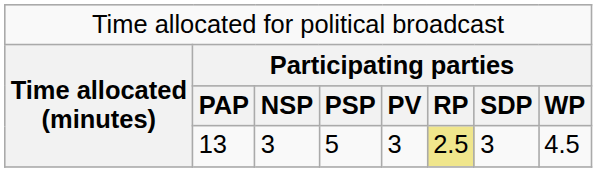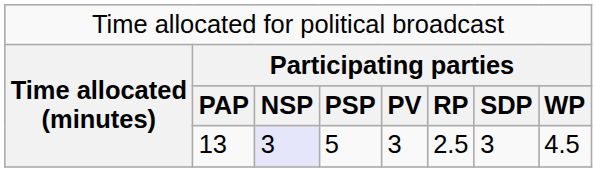 <table class="wikitable">
 <tr>
 <td colspan=8; style="text-align: center">Time allocated for political broadcast</td>
 </tr>
 <tr>
 <th rowspan=3>Time allocated<br>(minutes)</th>
 <th Colspan=7>Participating parties</th>
 </tr>
 <tr>
 <th>PAP</th>
 <th>NSP</th>
 <th>PSP</th>
 <th>PV</th>
 <th>RP</th>
 <th>SDP</th>
 <th>WP</th>
 </tr>
 <tr>
 <td>13</td>
-<td>3</td>
+<td style="background: lavender;">3</td>
 <td>5</td>
 <td>3</td>
-<td style="background: khaki;">2.5</td>
+<td>2.5</td>
 <td>3</td>
 <td>4.5</td>
 </tr>
 </table>
